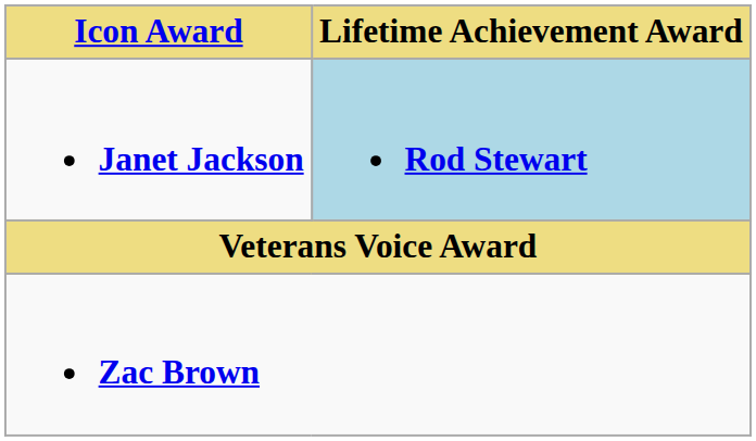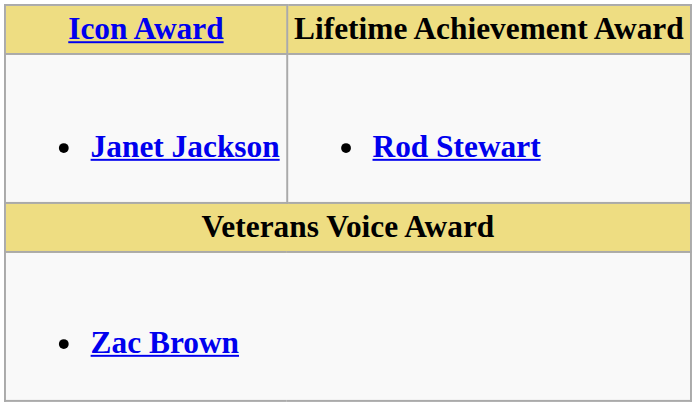 <table class="wikitable">
 <tr>
 <th style="background:#EEDD82; width=50%"><a href='#'>Icon Award</a></th>
 <th style="background:#EEDD82; width=50%">Lifetime Achievement Award</th>
 </tr>
 <tr>
 <td valign="top"><br><ul><li><strong><a href='#'>Janet Jackson</a></strong></li></ul></td>
-<td valign="top" style="background: lightblue;"><br><ul><li><strong><a href='#'>Rod Stewart</a></strong></li></ul></td>
+<td valign="top"><br><ul><li><strong><a href='#'>Rod Stewart</a></strong></li></ul></td>
 </tr>
 <tr>
 <th colspan="2" style="background:#EEDD82; width=50%">Veterans Voice Award</th>
 </tr>
 <tr>
 <td colspan="2" valign="top"><br><ul><li><strong><a href='#'>Zac Brown</a></strong></li></ul></td>
 </tr>
 </table>
